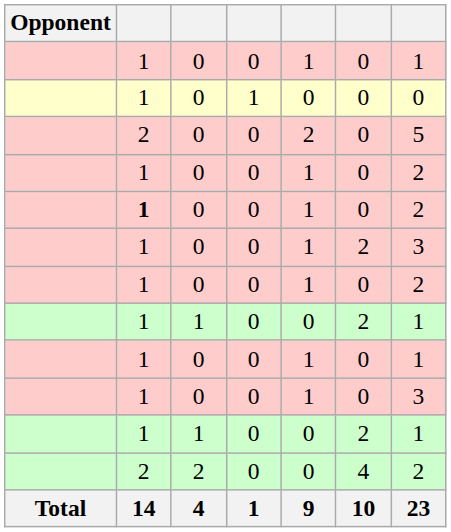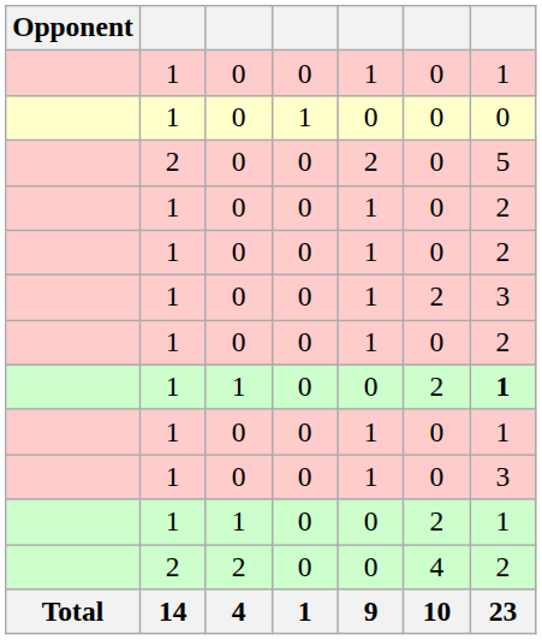 <table class="wikitable sortable" style="text-align: center;">
 <tr>
 <th width="30">Opponent</th>
 <th width="30"></th>
 <th width="30"></th>
 <th width="30"></th>
 <th width="30"></th>
 <th width="30"></th>
 <th width="30"></th>
 </tr>
 <tr bgcolor=#FFCCCC>
 <td align="left"></td>
 <td>1</td>
 <td>0</td>
 <td>0</td>
 <td>1</td>
 <td>0</td>
 <td>1</td>
 </tr>
 <tr bgcolor=#FFFFCC>
 <td align="left"></td>
 <td>1</td>
 <td>0</td>
 <td>1</td>
 <td>0</td>
 <td>0</td>
 <td>0</td>
 </tr>
 <tr bgcolor=#FFCCCC>
 <td align="left"></td>
 <td>2</td>
 <td>0</td>
 <td>0</td>
 <td>2</td>
 <td>0</td>
 <td>5</td>
 </tr>
 <tr bgcolor=#FFCCCC>
 <td align="left"></td>
 <td>1</td>
 <td>0</td>
 <td>0</td>
 <td>1</td>
 <td>0</td>
 <td>2</td>
 </tr>
 <tr bgcolor=#FFCCCC>
 <td align="left"></td>
-<td><strong>1</strong></td>
+<td>1</td>
 <td>0</td>
 <td>0</td>
 <td>1</td>
 <td>0</td>
 <td>2</td>
 </tr>
 <tr bgcolor=#FFCCCC>
 <td align="left"></td>
 <td>1</td>
 <td>0</td>
 <td>0</td>
 <td>1</td>
 <td>2</td>
 <td>3</td>
 </tr>
 <tr bgcolor=#FFCCCC>
 <td align="left"></td>
 <td>1</td>
 <td>0</td>
 <td>0</td>
 <td>1</td>
 <td>0</td>
 <td>2</td>
 </tr>
 <tr bgcolor=#CCFFCC>
 <td align="left"></td>
 <td>1</td>
 <td>1</td>
 <td>0</td>
 <td>0</td>
 <td>2</td>
-<td>1</td>
+<td><strong>1</strong></td>
 </tr>
 <tr bgcolor=#FFCCCC>
 <td align="left"></td>
 <td>1</td>
 <td>0</td>
 <td>0</td>
 <td>1</td>
 <td>0</td>
 <td>1</td>
 </tr>
 <tr bgcolor=#FFCCCC>
 <td align="left"></td>
 <td>1</td>
 <td>0</td>
 <td>0</td>
 <td>1</td>
 <td>0</td>
 <td>3</td>
 </tr>
 <tr bgcolor=#CCFFCC>
 <td align="left"></td>
 <td>1</td>
 <td>1</td>
 <td>0</td>
 <td>0</td>
 <td>2</td>
 <td>1</td>
 </tr>
 <tr bgcolor=#CCFFCC>
 <td align="left"></td>
 <td>2</td>
 <td>2</td>
 <td>0</td>
 <td>0</td>
 <td>4</td>
 <td>2</td>
 </tr>
 <tr>
 <th>Total</th>
 <th>14</th>
 <th>4</th>
 <th>1</th>
 <th>9</th>
 <th>10</th>
 <th>23</th>
 </tr>
 </table>
